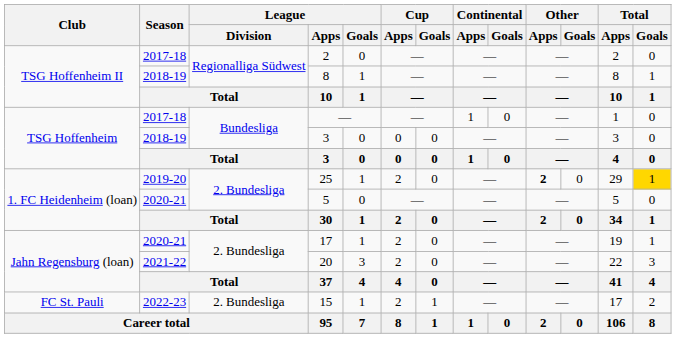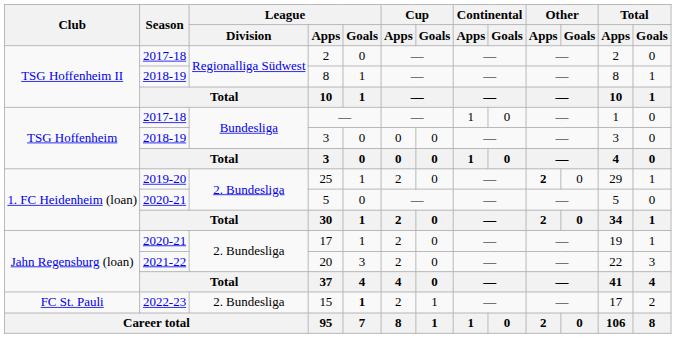 <table class="wikitable" style="text-align: center;">
 <tr>
 <th rowspan="2">Club</th>
 <th rowspan="2">Season</th>
 <th colspan="3">League</th>
 <th colspan="2">Cup</th>
 <th colspan="2">Continental</th>
 <th colspan="2">Other</th>
 <th colspan="2">Total</th>
 </tr>
 <tr>
 <th>Division</th>
 <th>Apps</th>
 <th>Goals</th>
 <th>Apps</th>
 <th>Goals</th>
 <th>Apps</th>
 <th>Goals</th>
 <th>Apps</th>
 <th>Goals</th>
 <th>Apps</th>
 <th>Goals</th>
 </tr>
 <tr>
 <td rowspan="3"><a href='#'>TSG Hoffenheim II</a></td>
 <td><a href='#'>2017-18</a></td>
 <td rowspan="2"><a href='#'>Regionalliga Südwest</a></td>
 <td>2</td>
 <td>0</td>
 <td colspan="2">—</td>
 <td colspan="2">—</td>
 <td colspan="2">—</td>
 <td>2</td>
 <td>0</td>
 </tr>
 <tr>
 <td><a href='#'>2018-19</a></td>
 <td>8</td>
 <td>1</td>
 <td colspan="2">—</td>
 <td colspan="2">—</td>
 <td colspan="2">—</td>
 <td>8</td>
 <td>1</td>
 </tr>
 <tr>
 <th colspan="2">Total</th>
 <th>10</th>
 <th>1</th>
 <th colspan="2">—</th>
 <th colspan="2">—</th>
 <th colspan="2">—</th>
 <th>10</th>
 <th>1</th>
 </tr>
 <tr>
 <td rowspan="3"><a href='#'>TSG Hoffenheim</a></td>
 <td><a href='#'>2017-18</a></td>
 <td rowspan="2"><a href='#'>Bundesliga</a></td>
 <td colspan="2">—</td>
 <td colspan="2">—</td>
 <td>1</td>
 <td>0</td>
 <td colspan="2">—</td>
 <td>1</td>
 <td>0</td>
 </tr>
 <tr>
 <td><a href='#'>2018-19</a></td>
 <td>3</td>
 <td>0</td>
 <td>0</td>
 <td>0</td>
 <td colspan="2">—</td>
 <td colspan="2">—</td>
 <td>3</td>
 <td>0</td>
 </tr>
 <tr>
 <th colspan="2">Total</th>
 <th>3</th>
 <th>0</th>
 <th>0</th>
 <th>0</th>
 <th>1</th>
 <th>0</th>
 <th colspan="2">—</th>
 <th>4</th>
 <th>0</th>
 </tr>
 <tr>
 <td rowspan="3"><a href='#'>1. FC Heidenheim</a> (loan)</td>
 <td><a href='#'>2019-20</a></td>
 <td rowspan="2"><a href='#'>2. Bundesliga</a></td>
 <td>25</td>
 <td>1</td>
 <td>2</td>
 <td>0</td>
 <td colspan="2">—</td>
 <td><strong>2</strong></td>
 <td>0</td>
 <td>29</td>
-<td style="background: gold;">1</td>
+<td>1</td>
 </tr>
 <tr>
 <td><a href='#'>2020-21</a></td>
 <td>5</td>
 <td>0</td>
 <td colspan="2">—</td>
 <td colspan="2">—</td>
 <td colspan="2">—</td>
 <td>5</td>
 <td>0</td>
 </tr>
 <tr>
 <th colspan="2">Total</th>
 <th>30</th>
 <th>1</th>
 <th>2</th>
 <th>0</th>
 <th colspan="2">—</th>
 <th>2</th>
 <th>0</th>
 <th>34</th>
 <th>1</th>
 </tr>
 <tr>
 <td rowspan="3"><a href='#'>Jahn Regensburg</a> (loan)</td>
 <td><a href='#'>2020-21</a></td>
 <td rowspan="2">2. Bundesliga</td>
 <td>17</td>
 <td>1</td>
 <td>2</td>
 <td>0</td>
 <td colspan="2">—</td>
 <td colspan="2">—</td>
 <td>19</td>
 <td>1</td>
 </tr>
 <tr>
 <td><a href='#'>2021-22</a></td>
 <td>20</td>
 <td>3</td>
 <td>2</td>
 <td>0</td>
 <td colspan="2">—</td>
 <td colspan="2">—</td>
 <td>22</td>
 <td>3</td>
 </tr>
 <tr>
 <th colspan="2">Total</th>
 <th>37</th>
 <th>4</th>
 <th>4</th>
 <th>0</th>
 <th colspan="2">—</th>
 <th colspan="2">—</th>
 <th>41</th>
 <th>4</th>
 </tr>
 <tr>
 <td><a href='#'>FC St. Pauli</a></td>
 <td><a href='#'>2022-23</a></td>
 <td>2. Bundesliga</td>
 <td>15</td>
-<td>1</td>
+<td><strong>1</strong></td>
 <td>2</td>
 <td>1</td>
 <td colspan="2">—</td>
 <td colspan="2">—</td>
 <td>17</td>
 <td>2</td>
 </tr>
 <tr>
 <th colspan="3">Career total</th>
 <th>95</th>
 <th>7</th>
 <th>8</th>
 <th>1</th>
 <th>1</th>
 <th>0</th>
 <th>2</th>
 <th>0</th>
 <th>106</th>
 <th>8</th>
 </tr>
 </table>
